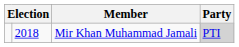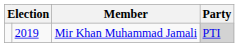 <table class="wikitable">
 <tr>
 <th colspan="2">Election</th>
 <th>Member</th>
 <th>Party</th>
 </tr>
 <tr>
 <td style="background-color: "></td>
-<td><a href='#'>2018</a></td>
+<td><a href='#'>2019</a></td>
 <td><a href='#'>Mir Khan Muhammad Jamali</a></td>
 <td style="background: lightgrey;"><a href='#'>PTI</a></td>
 </tr>
 </table>
